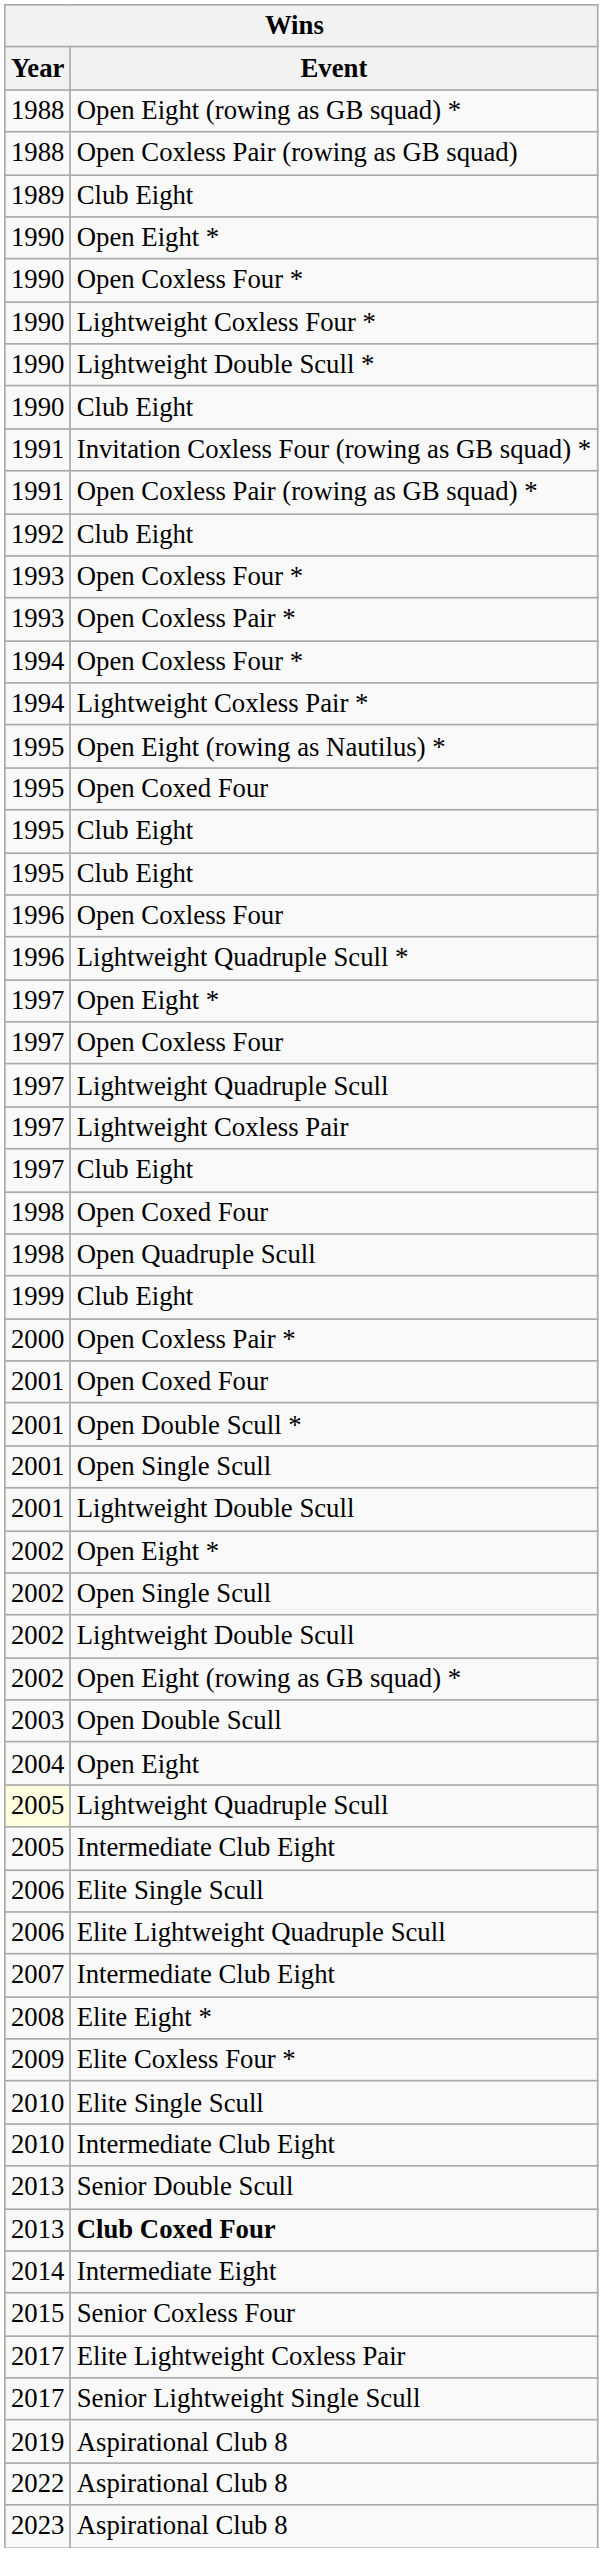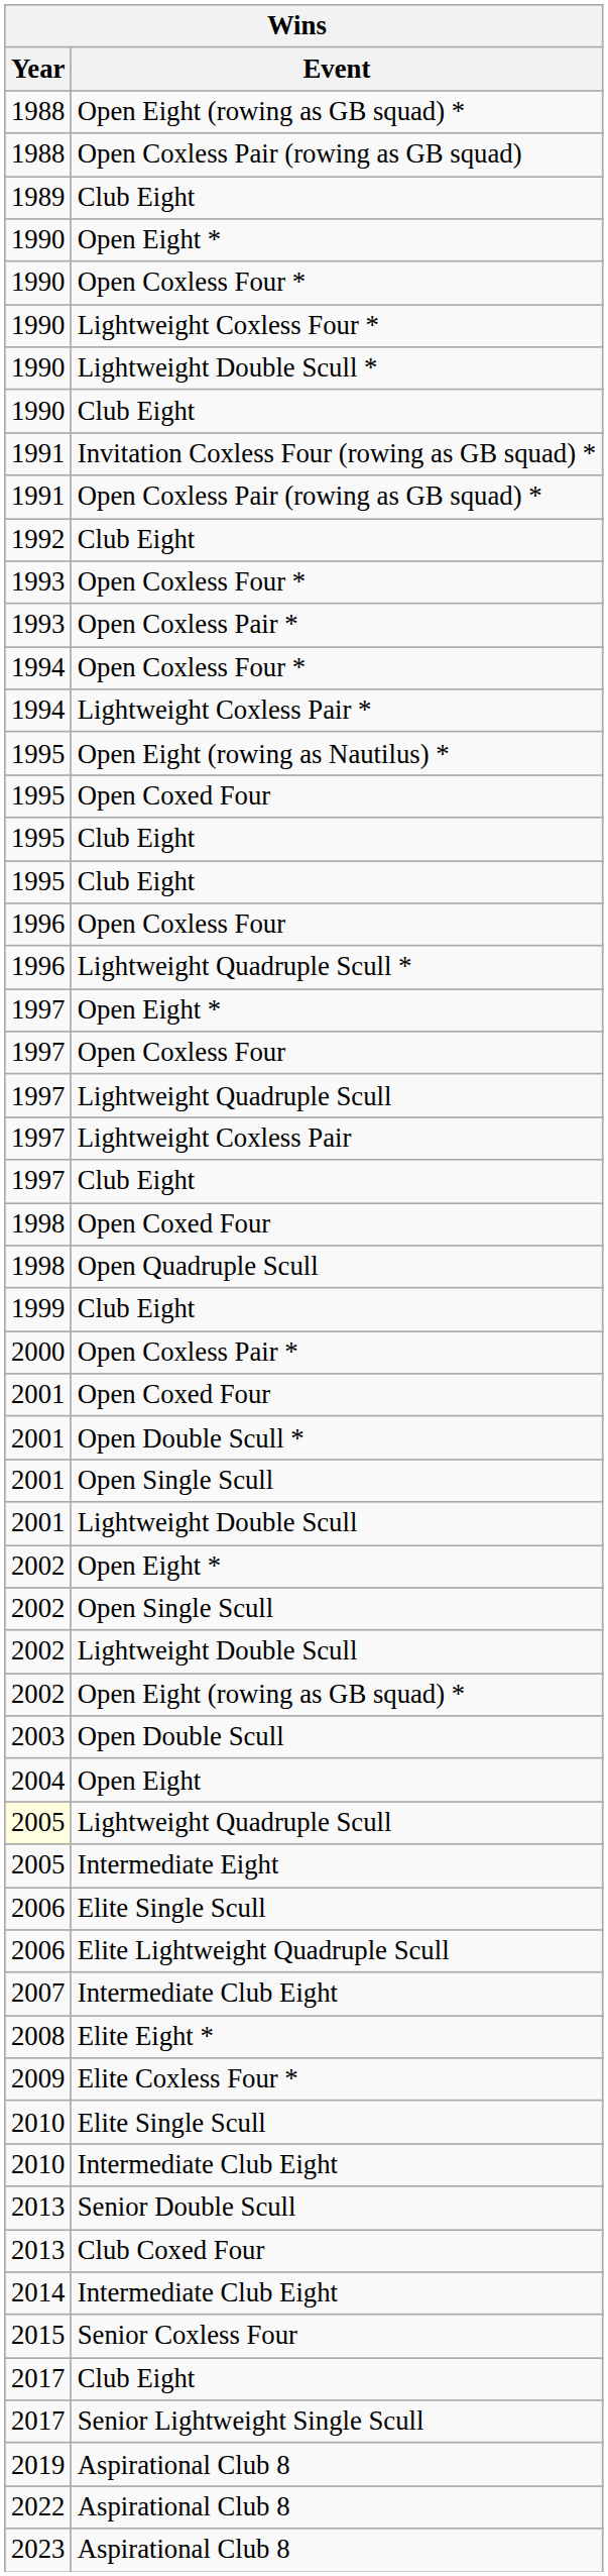 <table class="wikitable collapsible collapsed">
 <tr>
 <th colspan="2">Wins  </th>
 </tr>
 <tr>
 <th>Year</th>
 <th>Event</th>
 </tr>
 <tr>
 <td>1988</td>
 <td>Open Eight (rowing as GB squad) *</td>
 </tr>
 <tr>
 <td>1988</td>
 <td>Open Coxless Pair (rowing as GB squad)</td>
 </tr>
 <tr>
 <td>1989</td>
 <td>Club Eight</td>
 </tr>
 <tr>
 <td>1990</td>
 <td>Open Eight *</td>
 </tr>
 <tr>
 <td>1990</td>
 <td>Open Coxless Four *</td>
 </tr>
 <tr>
 <td>1990</td>
 <td>Lightweight Coxless Four *</td>
 </tr>
 <tr>
 <td>1990</td>
 <td>Lightweight Double Scull *</td>
 </tr>
 <tr>
 <td>1990</td>
 <td>Club Eight</td>
 </tr>
 <tr>
 <td>1991</td>
 <td>Invitation Coxless Four (rowing as GB squad) *</td>
 </tr>
 <tr>
 <td>1991</td>
 <td>Open Coxless Pair (rowing as GB squad) *</td>
 </tr>
 <tr>
 <td>1992</td>
 <td>Club Eight</td>
 </tr>
 <tr>
 <td>1993</td>
 <td>Open Coxless Four *</td>
 </tr>
 <tr>
 <td>1993</td>
 <td>Open Coxless Pair *</td>
 </tr>
 <tr>
 <td>1994</td>
 <td>Open Coxless Four *</td>
 </tr>
 <tr>
 <td>1994</td>
 <td>Lightweight Coxless Pair *</td>
 </tr>
 <tr>
 <td>1995</td>
 <td>Open Eight (rowing as Nautilus) *</td>
 </tr>
 <tr>
 <td>1995</td>
 <td>Open Coxed Four</td>
 </tr>
 <tr>
 <td>1995</td>
 <td>Club Eight</td>
 </tr>
 <tr>
 <td>1995</td>
 <td>Club Eight</td>
 </tr>
 <tr>
 <td>1996</td>
 <td>Open Coxless Four</td>
 </tr>
 <tr>
 <td>1996</td>
 <td>Lightweight Quadruple Scull *</td>
 </tr>
 <tr>
 <td>1997</td>
 <td>Open Eight *</td>
 </tr>
 <tr>
 <td>1997</td>
 <td>Open Coxless Four</td>
 </tr>
 <tr>
 <td>1997</td>
 <td>Lightweight Quadruple Scull</td>
 </tr>
 <tr>
 <td>1997</td>
 <td>Lightweight Coxless Pair</td>
 </tr>
 <tr>
 <td>1997</td>
 <td>Club Eight</td>
 </tr>
 <tr>
 <td>1998</td>
 <td>Open Coxed Four</td>
 </tr>
 <tr>
 <td>1998</td>
 <td>Open Quadruple Scull</td>
 </tr>
 <tr>
 <td>1999</td>
 <td>Club Eight</td>
 </tr>
 <tr>
 <td>2000</td>
 <td>Open Coxless Pair *</td>
 </tr>
 <tr>
 <td>2001</td>
 <td>Open Coxed Four</td>
 </tr>
 <tr>
 <td>2001</td>
 <td>Open Double Scull *</td>
 </tr>
 <tr>
 <td>2001</td>
 <td>Open Single Scull</td>
 </tr>
 <tr>
 <td>2001</td>
 <td>Lightweight Double Scull</td>
 </tr>
 <tr>
 <td>2002</td>
 <td>Open Eight *</td>
 </tr>
 <tr>
 <td>2002</td>
 <td>Open Single Scull</td>
 </tr>
 <tr>
 <td>2002</td>
 <td>Lightweight Double Scull</td>
 </tr>
 <tr>
 <td>2002</td>
 <td>Open Eight (rowing as GB squad) *</td>
 </tr>
 <tr>
 <td>2003</td>
 <td>Open Double Scull</td>
 </tr>
 <tr>
 <td>2004</td>
 <td>Open Eight</td>
 </tr>
 <tr>
 <td style="background: lightyellow;">2005</td>
 <td>Lightweight Quadruple Scull</td>
 </tr>
 <tr>
 <td>2005</td>
-<td>Intermediate Club Eight</td>
+<td>Intermediate Eight</td>
 </tr>
 <tr>
 <td>2006</td>
 <td>Elite Single Scull</td>
 </tr>
 <tr>
 <td>2006</td>
 <td>Elite Lightweight Quadruple Scull</td>
 </tr>
 <tr>
 <td>2007</td>
 <td>Intermediate Club Eight</td>
 </tr>
 <tr>
 <td>2008</td>
 <td>Elite Eight *</td>
 </tr>
 <tr>
 <td>2009</td>
 <td>Elite Coxless Four *</td>
 </tr>
 <tr>
 <td>2010</td>
 <td>Elite Single Scull</td>
 </tr>
 <tr>
 <td>2010</td>
 <td>Intermediate Club Eight</td>
 </tr>
 <tr>
 <td>2013</td>
 <td>Senior Double Scull</td>
 </tr>
 <tr>
 <td>2013</td>
-<td><strong>Club Coxed Four</strong></td>
+<td>Club Coxed Four</td>
 </tr>
 <tr>
 <td>2014</td>
-<td>Intermediate Eight</td>
+<td>Intermediate Club Eight</td>
 </tr>
 <tr>
 <td>2015</td>
 <td>Senior Coxless Four</td>
 </tr>
 <tr>
 <td>2017</td>
-<td>Elite Lightweight Coxless Pair</td>
+<td>Club Eight</td>
 </tr>
 <tr>
 <td>2017</td>
 <td>Senior Lightweight Single Scull</td>
 </tr>
 <tr>
 <td>2019</td>
 <td>Aspirational Club 8</td>
 </tr>
 <tr>
 <td>2022</td>
 <td>Aspirational Club 8</td>
 </tr>
 <tr>
 <td>2023</td>
 <td>Aspirational Club 8</td>
 </tr>
 </table>
